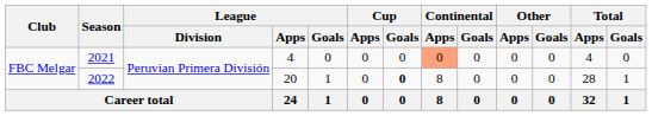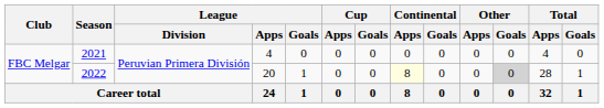 <table class="wikitable" style="text-align: center">
 <tr>
 <th rowspan="2">Club</th>
 <th rowspan="2">Season</th>
 <th colspan="3">League</th>
 <th colspan="2">Cup</th>
 <th colspan="2">Continental</th>
 <th colspan="2">Other</th>
 <th colspan="2">Total</th>
 </tr>
 <tr>
 <th>Division</th>
 <th>Apps</th>
 <th>Goals</th>
 <th>Apps</th>
 <th>Goals</th>
 <th>Apps</th>
 <th>Goals</th>
 <th>Apps</th>
 <th>Goals</th>
 <th>Apps</th>
 <th>Goals</th>
 </tr>
 <tr>
 <td rowspan="2"><a href='#'>FBC Melgar</a></td>
 <td><a href='#'>2021</a></td>
 <td rowspan="2"><a href='#'>Peruvian Primera División</a></td>
 <td>4</td>
 <td>0</td>
 <td>0</td>
 <td>0</td>
-<td style="background: lightsalmon;">0</td>
+<td>0</td>
 <td>0</td>
 <td>0</td>
 <td>0</td>
 <td>4</td>
 <td>0</td>
 </tr>
 <tr>
 <td><a href='#'>2022</a></td>
 <td>20</td>
 <td>1</td>
 <td>0</td>
-<td><strong>0</strong></td>
-<td>8</td>
+<td>0</td>
+<td style="background: lightyellow;">8</td>
 <td>0</td>
 <td>0</td>
-<td>0</td>
+<td style="background: lightgrey;">0</td>
 <td>28</td>
 <td>1</td>
 </tr>
 <tr>
 <th colspan="3"><strong>Career total</strong></th>
 <th>24</th>
 <th>1</th>
 <th>0</th>
 <th>0</th>
 <th>8</th>
 <th>0</th>
 <th>0</th>
 <th>0</th>
 <th>32</th>
 <th>1</th>
 </tr>
 </table>
